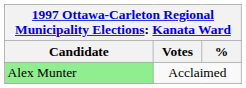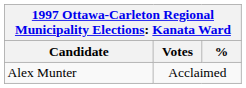 <table class="wikitable">
 <tr>
 <th colspan="3"><a href='#'>1997 Ottawa-Carleton Regional Municipality Elections</a>: <a href='#'>Kanata Ward</a></th>
 </tr>
 <tr>
 <th style="width: 170px">Candidate</th>
 <th style="width: 50px">Votes</th>
 <th style="width: 40px">%</th>
 </tr>
 <tr>
-<td style="background: lightgreen;">Alex Munter</td>
+<td>Alex Munter</td>
 <td colspan="2" align="center">Acclaimed</td>
 </tr>
 </table>
